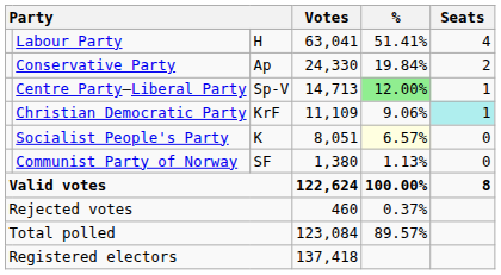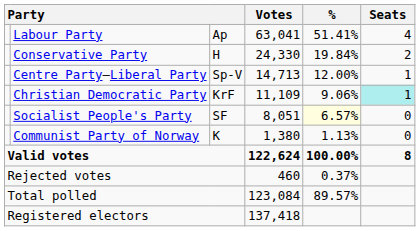 <table class="wikitable" border="1" style="text-align:right;">
 <tr>
 <th style="text-align:left;" colspan=3>Party</th>
 <th align=center width="50">Votes</th>
 <th align=center width="50">%</th>
 <th align=center width="50">Seats</th>
 </tr>
 <tr>
 <td style="color:inherit;background:"></td>
 <td align=left><a href='#'>Labour Party</a></td>
-<td align=left>H</td>
+<td align=left>Ap</td>
 <td>63,041</td>
 <td>51.41%</td>
 <td>4</td>
 </tr>
 <tr>
 <td style="color:inherit;background:"></td>
 <td align=left><a href='#'>Conservative Party</a></td>
-<td align=left>Ap</td>
+<td align=left>H</td>
 <td>24,330</td>
 <td>19.84%</td>
 <td>2</td>
 </tr>
 <tr>
 <td></td>
 <td align=left><a href='#'>Centre Party</a>–<a href='#'>Liberal Party</a></td>
 <td align=left>Sp-V</td>
 <td>14,713</td>
-<td style="background: lightgreen;">12.00%</td>
+<td>12.00%</td>
 <td>1</td>
 </tr>
 <tr>
 <td style="color:inherit;background:"></td>
 <td align=left><a href='#'>Christian Democratic Party</a></td>
 <td align=left>KrF</td>
 <td>11,109</td>
 <td>9.06%</td>
 <td style="background: paleturquoise;">1</td>
 </tr>
 <tr>
 <td style="color:inherit;background:"></td>
 <td align=left><a href='#'>Socialist People's Party</a></td>
-<td align=left>K</td>
+<td align=left>SF</td>
 <td>8,051</td>
 <td style="background: lightyellow;">6.57%</td>
 <td>0</td>
 </tr>
 <tr>
 <td style="color:inherit;background:"></td>
 <td align=left><a href='#'>Communist Party of Norway</a></td>
-<td align=left>SF</td>
+<td align=left>K</td>
 <td>1,380</td>
 <td>1.13%</td>
 <td>0</td>
 </tr>
 <tr style="font-weight:bold">
 <td align=left colspan=3>Valid votes</td>
 <td>122,624</td>
 <td>100.00%</td>
 <td>8</td>
 </tr>
 <tr>
 <td align=left colspan=3>Rejected votes</td>
 <td>460</td>
 <td>0.37%</td>
 <td></td>
 </tr>
 <tr>
 <td align=left colspan=3>Total polled</td>
 <td>123,084</td>
 <td>89.57%</td>
 <td></td>
 </tr>
 <tr>
 <td align=left colspan=3>Registered electors</td>
 <td>137,418</td>
 <td></td>
 <td></td>
 </tr>
 </table>
